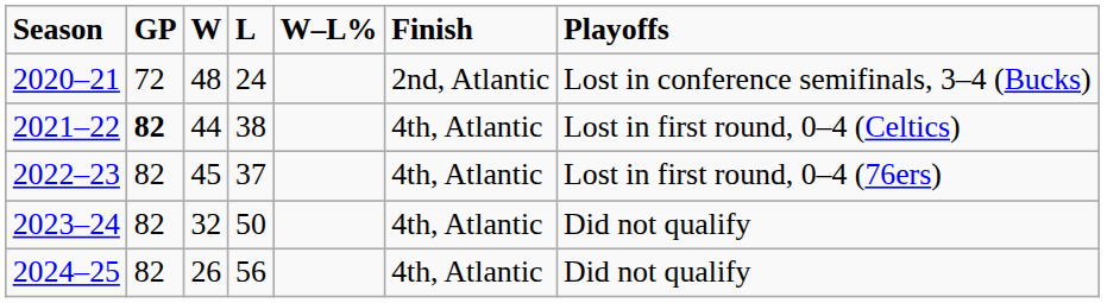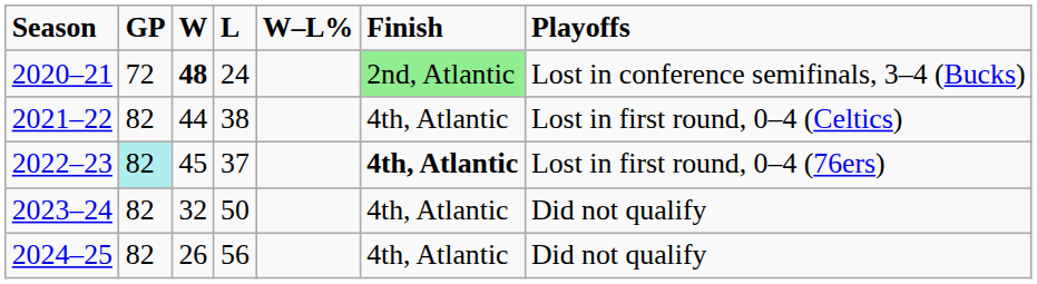 <table class="wikitable">
 <tr style="font-weight:bold; ">
 <td>Season</td>
 <td>GP</td>
 <td>W</td>
 <td>L</td>
 <td>W–L%</td>
 <td>Finish</td>
 <td>Playoffs</td>
 </tr>
 <tr>
 <td><a href='#'>2020–21</a></td>
 <td>72</td>
-<td>48</td>
+<td><strong>48</strong></td>
 <td>24</td>
 <td></td>
-<td>2nd, Atlantic</td>
+<td style="background: lightgreen;">2nd, Atlantic</td>
 <td>Lost in conference semifinals, 3–4 (<a href='#'>Bucks</a>)</td>
 </tr>
 <tr>
 <td><a href='#'>2021–22</a></td>
-<td><strong>82</strong></td>
+<td>82</td>
 <td>44</td>
 <td>38</td>
 <td></td>
 <td>4th, Atlantic</td>
 <td>Lost in first round, 0–4 (<a href='#'>Celtics</a>)</td>
 </tr>
 <tr>
 <td><a href='#'>2022–23</a></td>
-<td>82</td>
+<td style="background: paleturquoise;">82</td>
 <td>45</td>
 <td>37</td>
 <td></td>
-<td>4th, Atlantic</td>
+<td><strong>4th, Atlantic</strong></td>
 <td>Lost in first round, 0–4 (<a href='#'>76ers</a>)</td>
 </tr>
 <tr>
 <td><a href='#'>2023–24</a></td>
 <td>82</td>
 <td>32</td>
 <td>50</td>
 <td></td>
 <td>4th, Atlantic</td>
 <td>Did not qualify</td>
 </tr>
 <tr>
 <td><a href='#'>2024–25</a></td>
 <td>82</td>
 <td>26</td>
 <td>56</td>
 <td></td>
 <td>4th, Atlantic</td>
 <td>Did not qualify</td>
 </tr>
 </table>
